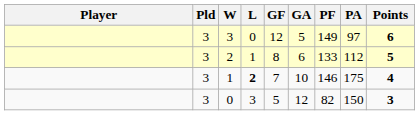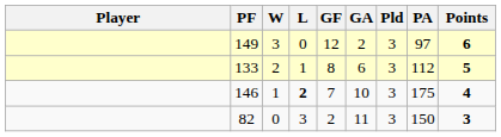 <table class=wikitable style="text-align:center">
 <tr>
 <th width=220>Player</th>
-<th width=20>Pld</th>
+<th width=20>PF</th>
 <th width=20>W</th>
 <th width=20>L</th>
 <th width=20>GF</th>
 <th width=20>GA</th>
-<th width=20>PF</th>
+<th width=20>Pld</th>
 <th width=20>PA</th>
 <th width=50>Points</th>
 </tr>
 <tr bgcolor=#ffffcc>
 <td align=left></td>
-<td>3</td>
+<td>149</td>
 <td>3</td>
 <td>0</td>
 <td>12</td>
-<td>5</td>
-<td>149</td>
+<td>2</td>
+<td>3</td>
 <td>97</td>
 <td><strong>6</strong></td>
 </tr>
 <tr bgcolor=#ffffcc>
 <td align=left></td>
-<td>3</td>
+<td>133</td>
 <td>2</td>
 <td>1</td>
 <td>8</td>
 <td>6</td>
-<td>133</td>
+<td>3</td>
 <td>112</td>
 <td><strong>5</strong></td>
 </tr>
 <tr>
 <td align=left></td>
-<td>3</td>
+<td>146</td>
 <td>1</td>
 <td><strong>2</strong></td>
 <td>7</td>
 <td>10</td>
-<td>146</td>
+<td>3</td>
 <td>175</td>
 <td><strong>4</strong></td>
 </tr>
 <tr>
 <td align=left></td>
-<td>3</td>
+<td>82</td>
 <td>0</td>
 <td>3</td>
-<td>5</td>
-<td>12</td>
-<td>82</td>
+<td>2</td>
+<td>11</td>
+<td>3</td>
 <td>150</td>
 <td><strong>3</strong></td>
 </tr>
 </table>
